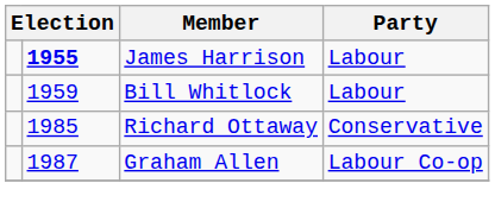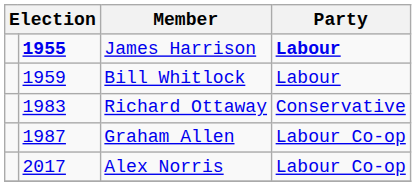 <table class="wikitable">
 <tr>
 <th colspan="2">Election</th>
 <th>Member</th>
 <th>Party</th>
 </tr>
 <tr>
 <td style="color:inherit;background-color: "></td>
 <td><strong><a href='#'>1955</a></strong></td>
 <td><a href='#'>James Harrison</a></td>
-<td><a href='#'>Labour</a></td>
+<td><strong><a href='#'>Labour</a></strong></td>
 </tr>
 <tr>
 <td style="color:inherit;background-color: "></td>
 <td><a href='#'>1959</a></td>
 <td><a href='#'>Bill Whitlock</a></td>
 <td><a href='#'>Labour</a></td>
 </tr>
 <tr>
 <td style="color:inherit;background-color: "></td>
-<td><a href='#'>1985</a></td>
+<td><a href='#'>1983</a></td>
 <td><a href='#'>Richard Ottaway</a></td>
 <td><a href='#'>Conservative</a></td>
 </tr>
 <tr>
 <td style="color:inherit;background-color: "></td>
 <td><a href='#'>1987</a></td>
 <td><a href='#'>Graham Allen</a></td>
 <td><a href='#'>Labour Co-op</a></td>
 </tr>
 <tr>
+<td style="color:inherit;background-color: "></td>
+<td><a href='#'>2017</a></td>
+<td><a href='#'>Alex Norris</a></td>
+<td><a href='#'>Labour Co-op</a></td>
+</tr>
+<tr>
 </tr>
 </table>
